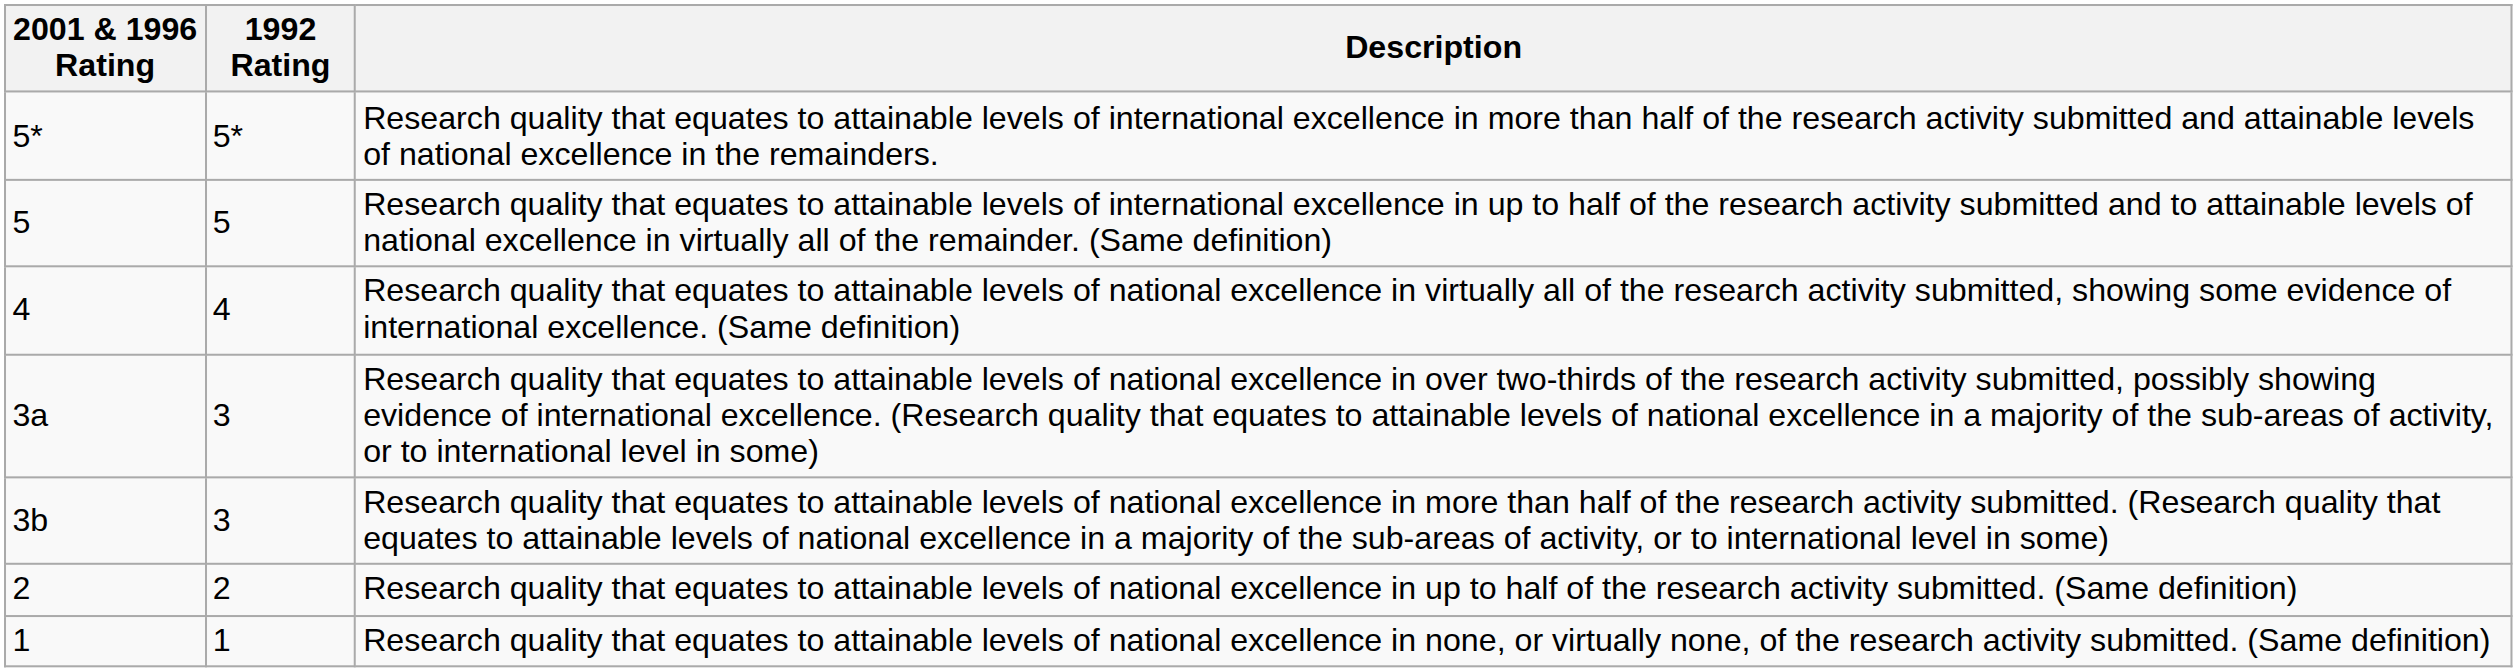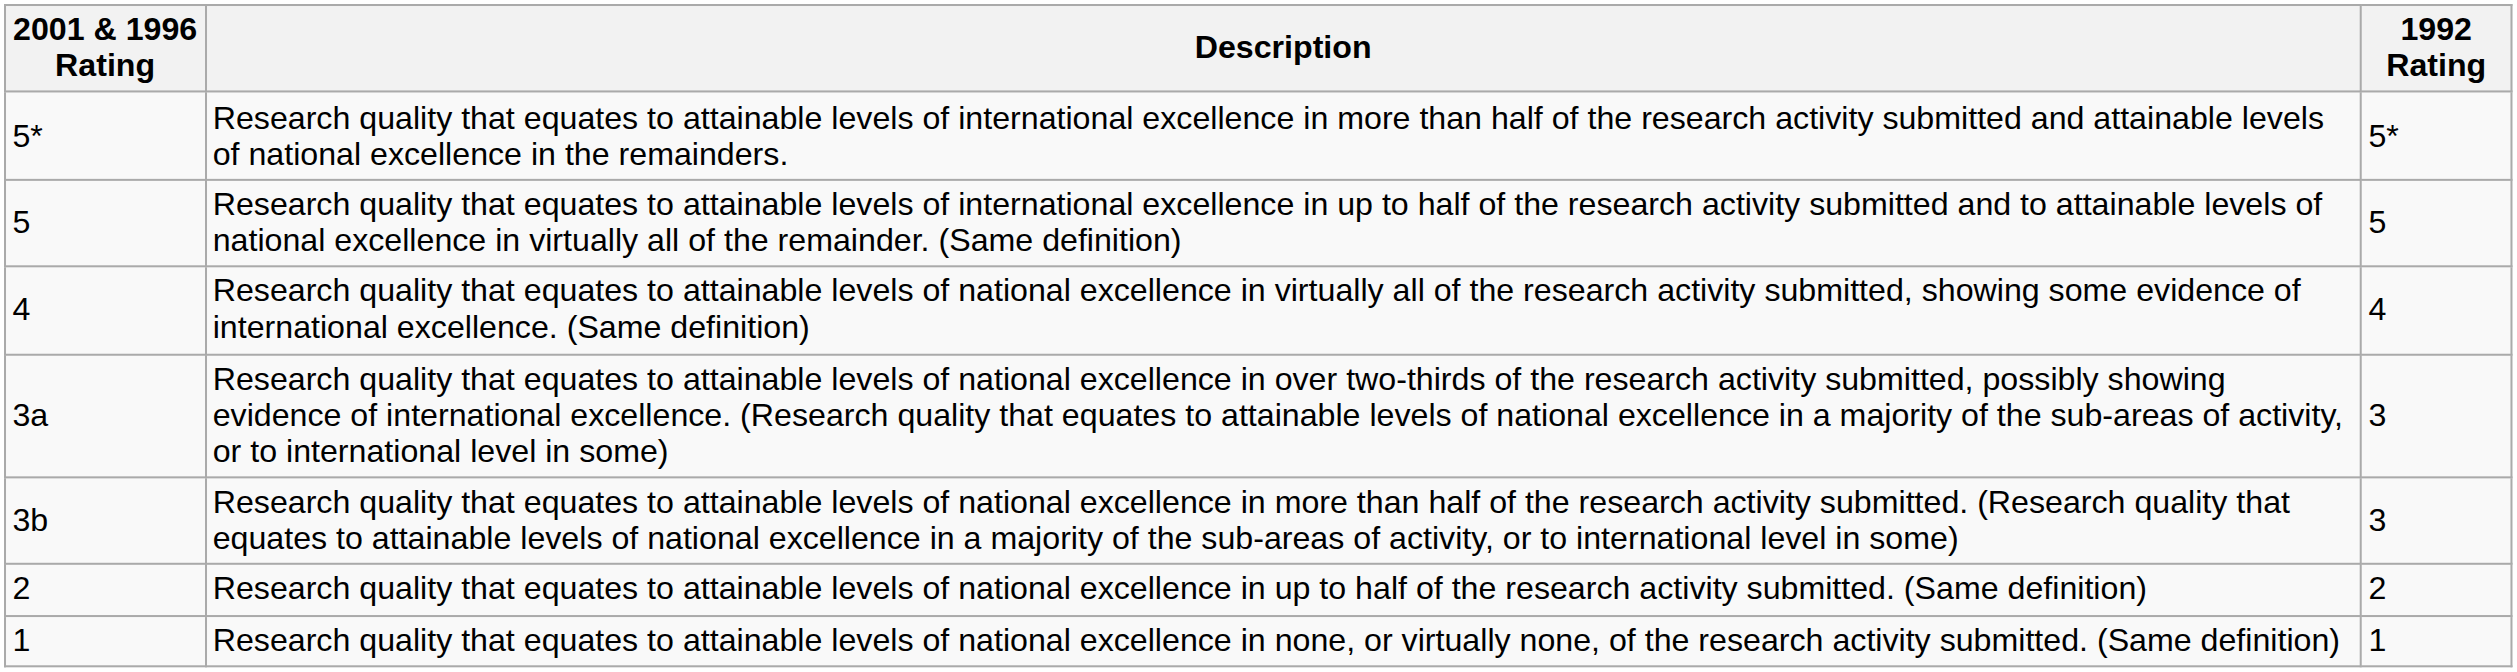 <table class="wikitable">
 <tr>
 <th>2001 & 1996 Rating</th>
+<th>Description</th>
 <th>1992 Rating</th>
-<th>Description</th>
 </tr>
 <tr>
 <td>5*</td>
+<td>Research quality that equates to attainable levels of international excellence in more than half of the research activity submitted and attainable levels of national excellence in the remainders.</td>
 <td>5*</td>
-<td>Research quality that equates to attainable levels of international excellence in more than half of the research activity submitted and attainable levels of national excellence in the remainders.</td>
 </tr>
 <tr>
 <td>5</td>
+<td>Research quality that equates to attainable levels of international excellence in up to half of the research activity submitted and to attainable levels of national excellence in virtually all of the remainder. (Same definition)</td>
 <td>5</td>
-<td>Research quality that equates to attainable levels of international excellence in up to half of the research activity submitted and to attainable levels of national excellence in virtually all of the remainder. (Same definition)</td>
 </tr>
 <tr>
 <td>4</td>
+<td>Research quality that equates to attainable levels of national excellence in virtually all of the research activity submitted, showing some evidence of international excellence. (Same definition)</td>
 <td>4</td>
-<td>Research quality that equates to attainable levels of national excellence in virtually all of the research activity submitted, showing some evidence of international excellence. (Same definition)</td>
 </tr>
 <tr>
 <td>3a</td>
+<td>Research quality that equates to attainable levels of national excellence in over two-thirds of the research activity submitted, possibly showing evidence of international excellence. (Research quality that equates to attainable levels of national excellence in a majority of the sub-areas of activity, or to international level in some)</td>
 <td>3</td>
-<td>Research quality that equates to attainable levels of national excellence in over two-thirds of the research activity submitted, possibly showing evidence of international excellence. (Research quality that equates to attainable levels of national excellence in a majority of the sub-areas of activity, or to international level in some)</td>
 </tr>
 <tr>
 <td>3b</td>
+<td>Research quality that equates to attainable levels of national excellence in more than half of the research activity submitted. (Research quality that equates to attainable levels of national excellence in a majority of the sub-areas of activity, or to international level in some)</td>
 <td>3</td>
-<td>Research quality that equates to attainable levels of national excellence in more than half of the research activity submitted. (Research quality that equates to attainable levels of national excellence in a majority of the sub-areas of activity, or to international level in some)</td>
 </tr>
 <tr>
 <td>2</td>
+<td>Research quality that equates to attainable levels of national excellence in up to half of the research activity submitted. (Same definition)</td>
 <td>2</td>
-<td>Research quality that equates to attainable levels of national excellence in up to half of the research activity submitted. (Same definition)</td>
 </tr>
 <tr>
 <td>1</td>
+<td>Research quality that equates to attainable levels of national excellence in none, or virtually none, of the research activity submitted. (Same definition)</td>
 <td>1</td>
-<td>Research quality that equates to attainable levels of national excellence in none, or virtually none, of the research activity submitted. (Same definition)</td>
 </tr>
 </table>
